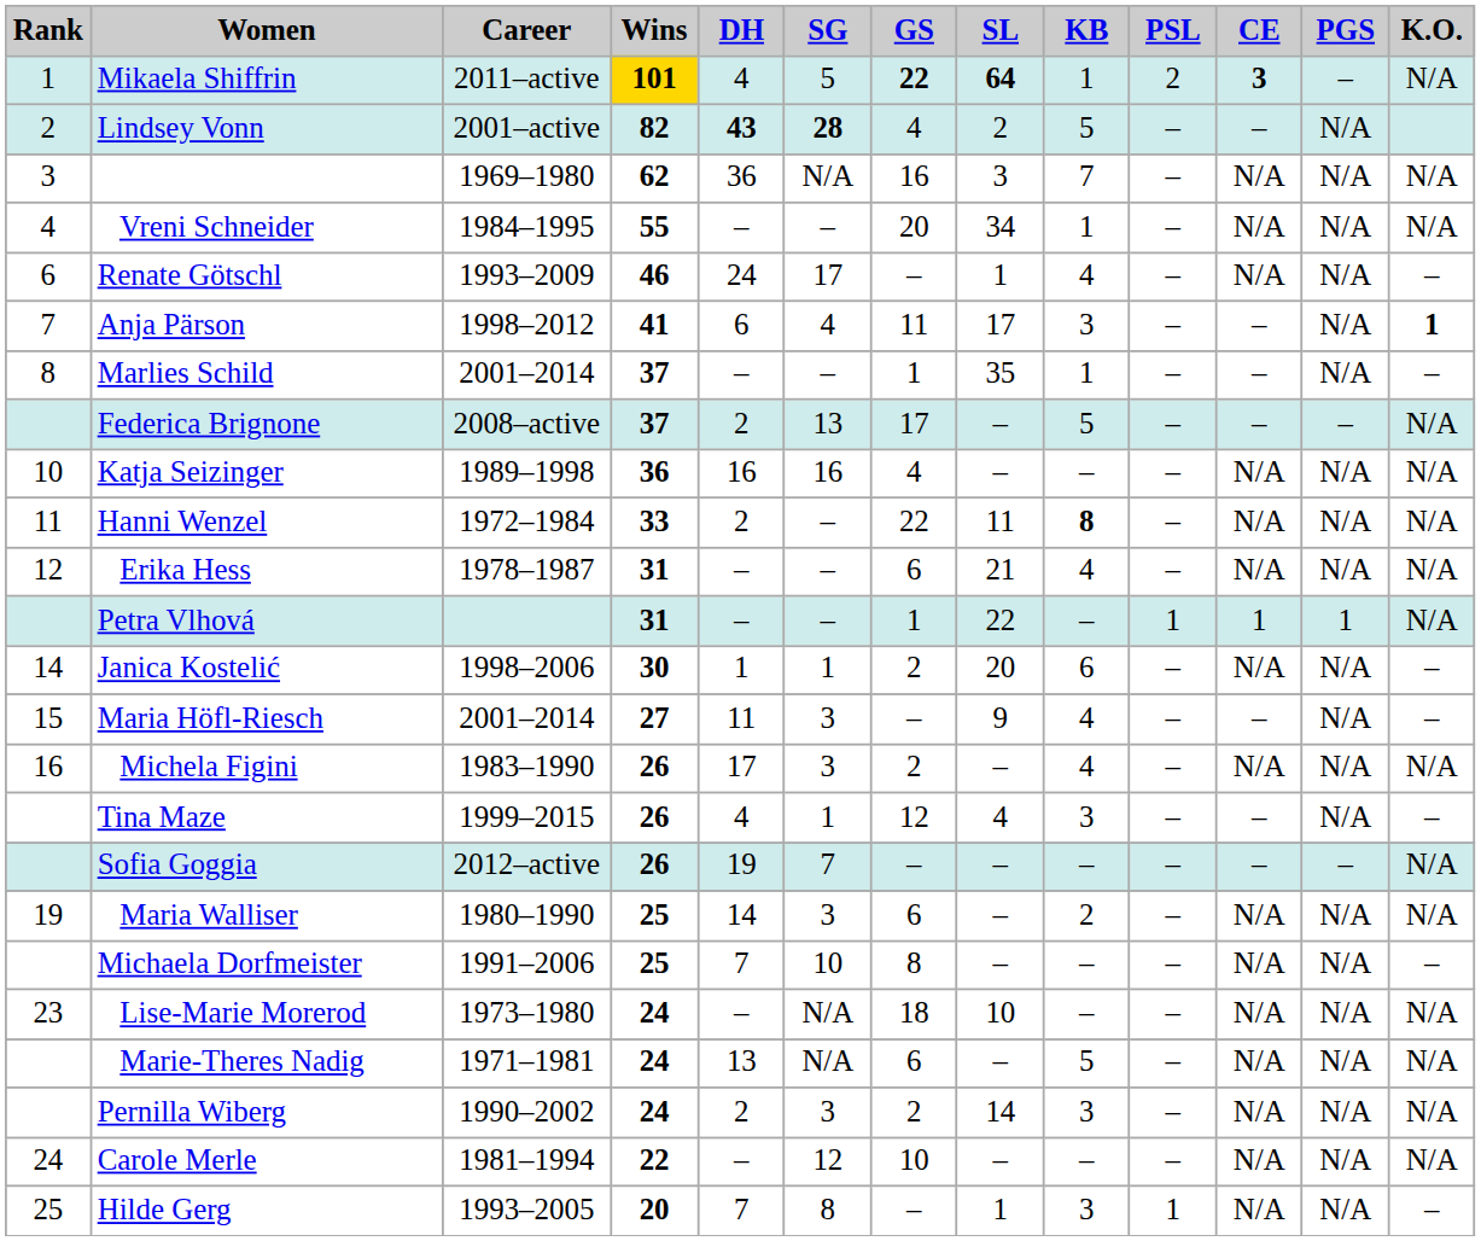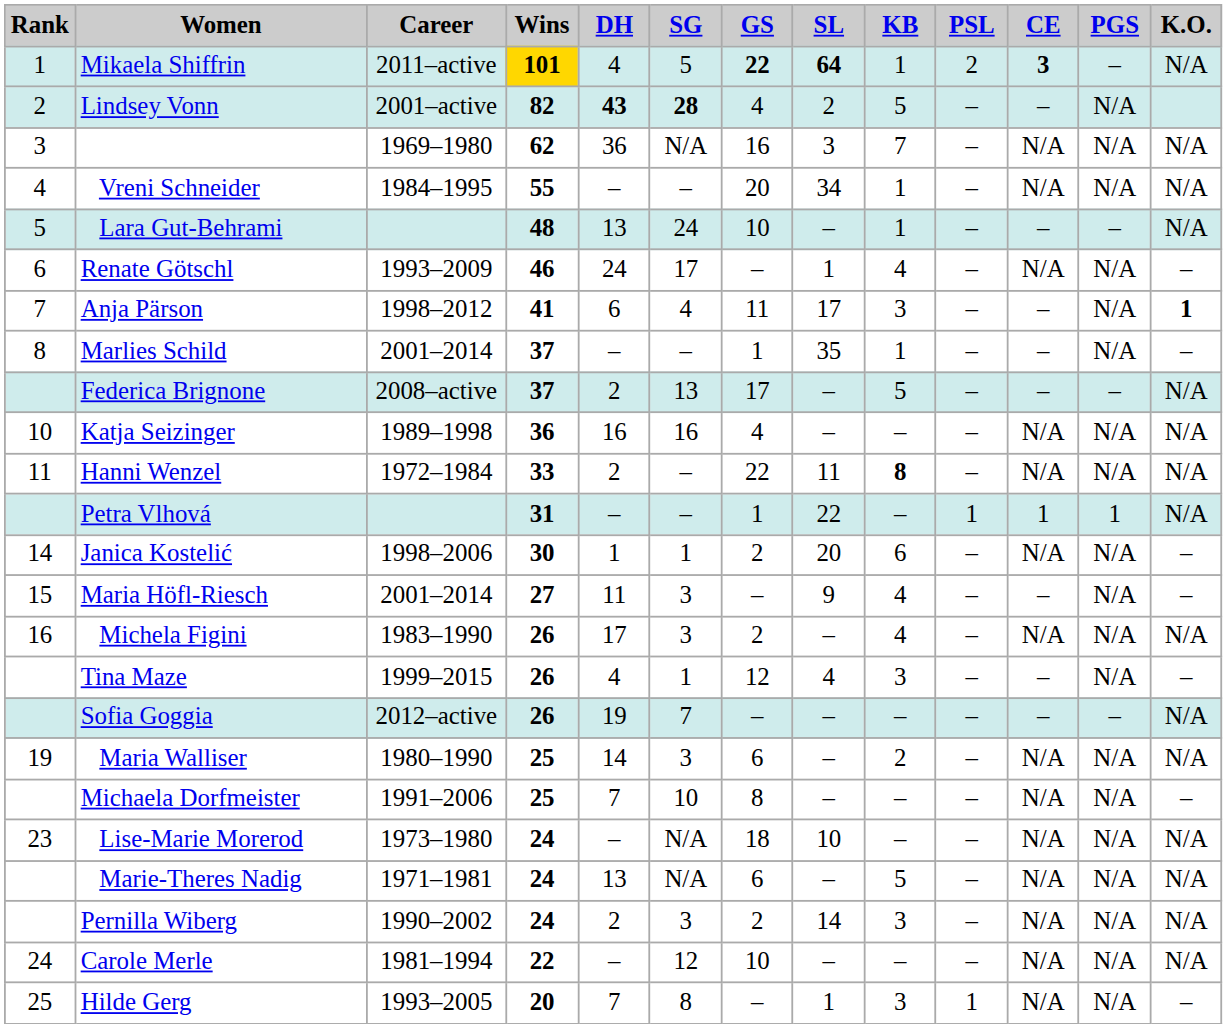 <table class="wikitable plainrowheaders" style="background:#fff; font-size:86%; line-height:16px; border:grey solid 1px; border-collapse:collapse">
 <tr style="background:#ccc; text-align:center;">
 <th style="background-color: #ccc;" width="30">Rank</th>
 <th style="background-color: #ccc;" align=left width="155">Women</th>
 <th style="background-color: #ccc;" width="70">Career</th>
 <th style="background:#ccc; width:6%">Wins</th>
 <th style="background-color: #ccc;" width="33"><a href='#'>DH</a></th>
 <th style="background-color: #ccc;" width="33"><a href='#'>SG</a></th>
 <th style="background-color: #ccc;" width="33"><a href='#'>GS</a></th>
 <th style="background-color: #ccc;" width="33"><a href='#'>SL</a></th>
 <th style="background-color: #ccc;" width="33"><a href='#'>KB</a></th>
 <th style="background-color: #ccc;" width="33"><a href='#'>PSL</a></th>
 <th style="background-color: #ccc;" width="33"><a href='#'>CE</a></th>
 <th style="background-color: #ccc;" width="33"><a href='#'>PGS</a></th>
 <th style="background-color: #ccc;" width="33">K.O.</th>
 </tr>
 <tr align=center style="background:#CFECEC">
 <td>1</td>
 <td align=left> <a href='#'>Mikaela Shiffrin</a></td>
 <td>2011–active</td>
 <td style="background:gold;"><strong>101</strong></td>
 <td>4</td>
 <td>5</td>
 <td><strong>22</strong></td>
 <td><strong>64</strong></td>
 <td>1</td>
 <td>2</td>
 <td><strong>3</strong></td>
 <td>–</td>
 <td>N/A</td>
 </tr>
 <tr align=center style="background:#CFECEC">
 <td>2</td>
 <td align=left> <a href='#'>Lindsey Vonn</a></td>
 <td>2001–active</td>
 <td><strong>82</strong></td>
 <td><strong>43</strong></td>
 <td><strong>28</strong></td>
 <td>4</td>
 <td>2</td>
 <td>5</td>
 <td>–</td>
 <td>–</td>
 <td>N/A</td>
 <td></td>
 </tr>
 <tr align=center>
 <td>3</td>
 <td align=left></td>
 <td>1969–1980</td>
 <td><strong>62</strong></td>
 <td>36</td>
 <td>N/A</td>
 <td>16</td>
 <td>3</td>
 <td>7</td>
 <td>–</td>
 <td>N/A</td>
 <td>N/A</td>
 <td>N/A</td>
 </tr>
 <tr align=center>
 <td>4</td>
 <td align=left>   <a href='#'>Vreni Schneider</a></td>
 <td>1984–1995</td>
 <td><strong>55</strong></td>
 <td>–</td>
 <td>–</td>
 <td>20</td>
 <td>34</td>
 <td>1</td>
 <td>–</td>
 <td>N/A</td>
 <td>N/A</td>
+<td>N/A</td>
+</tr>
+<tr align=center style="background:#CFECEC">
+<td>5</td>
+<td align=left>   <a href='#'>Lara Gut-Behrami</a></td>
+<td></td>
+<td><strong>48</strong></td>
+<td>13</td>
+<td>24</td>
+<td>10</td>
+<td>–</td>
+<td>1</td>
+<td>–</td>
+<td>–</td>
+<td>–</td>
 <td>N/A</td>
 </tr>
 <tr align=center>
 <td>6</td>
 <td align=left> <a href='#'>Renate Götschl</a></td>
 <td>1993–2009</td>
 <td><strong>46</strong></td>
 <td>24</td>
 <td>17</td>
 <td>–</td>
 <td>1</td>
 <td>4</td>
 <td>–</td>
 <td>N/A</td>
 <td>N/A</td>
 <td>–</td>
 </tr>
 <tr align=center>
 <td>7</td>
 <td align=left> <a href='#'>Anja Pärson</a></td>
 <td>1998–2012</td>
 <td><strong>41</strong></td>
 <td>6</td>
 <td>4</td>
 <td>11</td>
 <td>17</td>
 <td>3</td>
 <td>–</td>
 <td>–</td>
 <td>N/A</td>
 <td><strong>1</strong></td>
 </tr>
 <tr align=center>
 <td>8</td>
 <td align=left> <a href='#'>Marlies Schild</a></td>
 <td>2001–2014</td>
 <td><strong>37</strong></td>
 <td>–</td>
 <td>–</td>
 <td>1</td>
 <td>35</td>
 <td>1</td>
 <td>–</td>
 <td>–</td>
 <td>N/A</td>
 <td>–</td>
 </tr>
 <tr align=center style="background:#CFECEC">
 <td></td>
 <td align=left> <a href='#'>Federica Brignone</a></td>
 <td>2008–active</td>
 <td><strong>37</strong></td>
 <td>2</td>
 <td>13</td>
 <td>17</td>
 <td>–</td>
 <td>5</td>
 <td>–</td>
 <td>–</td>
 <td>–</td>
 <td>N/A</td>
 </tr>
 <tr align=center>
 <td>10</td>
 <td align=left> <a href='#'>Katja Seizinger</a></td>
 <td>1989–1998</td>
 <td><strong>36</strong></td>
 <td>16</td>
 <td>16</td>
 <td>4</td>
 <td>–</td>
 <td>–</td>
 <td>–</td>
 <td>N/A</td>
 <td>N/A</td>
 <td>N/A</td>
 </tr>
 <tr align=center>
 <td>11</td>
 <td align=left> <a href='#'>Hanni Wenzel</a></td>
 <td>1972–1984</td>
 <td><strong>33</strong></td>
 <td>2</td>
 <td>–</td>
 <td>22</td>
 <td>11</td>
 <td><strong>8</strong></td>
-<td>–</td>
-<td>N/A</td>
-<td>N/A</td>
-<td>N/A</td>
-</tr>
-<tr align=center>
-<td>12</td>
-<td align=left>   <a href='#'>Erika Hess</a></td>
-<td>1978–1987</td>
-<td><strong>31</strong></td>
-<td>–</td>
-<td>–</td>
-<td>6</td>
-<td>21</td>
-<td>4</td>
 <td>–</td>
 <td>N/A</td>
 <td>N/A</td>
 <td>N/A</td>
 </tr>
 <tr align=center style="background:#CFECEC">
 <td></td>
 <td align=left> <a href='#'>Petra Vlhová</a></td>
 <td></td>
 <td><strong>31</strong></td>
 <td>–</td>
 <td>–</td>
 <td>1</td>
 <td>22</td>
 <td>–</td>
 <td>1</td>
 <td>1</td>
 <td>1</td>
 <td>N/A</td>
 </tr>
 <tr align=center>
 <td>14</td>
 <td align=left> <a href='#'>Janica Kostelić</a></td>
 <td>1998–2006</td>
 <td><strong>30</strong></td>
 <td>1</td>
 <td>1</td>
 <td>2</td>
 <td>20</td>
 <td>6</td>
 <td>–</td>
 <td>N/A</td>
 <td>N/A</td>
 <td>–</td>
 </tr>
 <tr align=center>
 <td>15</td>
 <td align=left> <a href='#'>Maria Höfl-Riesch</a></td>
 <td>2001–2014</td>
 <td><strong>27</strong></td>
 <td>11</td>
 <td>3</td>
 <td>–</td>
 <td>9</td>
 <td>4</td>
 <td>–</td>
 <td>–</td>
 <td>N/A</td>
 <td>–</td>
 </tr>
 <tr align=center>
 <td>16</td>
 <td align=left>   <a href='#'>Michela Figini</a></td>
 <td>1983–1990</td>
 <td><strong>26</strong></td>
 <td>17</td>
 <td>3</td>
 <td>2</td>
 <td>–</td>
 <td>4</td>
 <td>–</td>
 <td>N/A</td>
 <td>N/A</td>
 <td>N/A</td>
 </tr>
 <tr align=center>
 <td></td>
 <td align=left> <a href='#'>Tina Maze</a></td>
 <td>1999–2015</td>
 <td><strong>26</strong></td>
 <td>4</td>
 <td>1</td>
 <td>12</td>
 <td>4</td>
 <td>3</td>
 <td>–</td>
 <td>–</td>
 <td>N/A</td>
 <td>–</td>
 </tr>
 <tr align=center style="background:#CFECEC">
 <td></td>
 <td align=left> <a href='#'>Sofia Goggia</a></td>
 <td>2012–active</td>
 <td><strong>26</strong></td>
 <td>19</td>
 <td>7</td>
 <td>–</td>
 <td>–</td>
 <td>–</td>
 <td>–</td>
 <td>–</td>
 <td>–</td>
 <td>N/A</td>
 </tr>
 <tr align=center>
 <td>19</td>
 <td align=left>   <a href='#'>Maria Walliser</a></td>
 <td>1980–1990</td>
 <td><strong>25</strong></td>
 <td>14</td>
 <td>3</td>
 <td>6</td>
 <td>–</td>
 <td>2</td>
 <td>–</td>
 <td>N/A</td>
 <td>N/A</td>
 <td>N/A</td>
 </tr>
 <tr align=center>
 <td></td>
 <td align=left> <a href='#'>Michaela Dorfmeister</a></td>
 <td>1991–2006</td>
 <td><strong>25</strong></td>
 <td>7</td>
 <td>10</td>
 <td>8</td>
 <td>–</td>
 <td>–</td>
 <td>–</td>
 <td>N/A</td>
 <td>N/A</td>
 <td>–</td>
 </tr>
 <tr align=center>
 <td>23</td>
 <td align=left>   <a href='#'>Lise-Marie Morerod</a></td>
 <td>1973–1980</td>
 <td><strong>24</strong></td>
 <td>–</td>
 <td>N/A</td>
 <td>18</td>
 <td>10</td>
 <td>–</td>
 <td>–</td>
 <td>N/A</td>
 <td>N/A</td>
 <td>N/A</td>
 </tr>
 <tr align=center>
 <td></td>
 <td align=left>   <a href='#'>Marie-Theres Nadig</a></td>
 <td>1971–1981</td>
 <td><strong>24</strong></td>
 <td>13</td>
 <td>N/A</td>
 <td>6</td>
 <td>–</td>
 <td>5</td>
 <td>–</td>
 <td>N/A</td>
 <td>N/A</td>
 <td>N/A</td>
 </tr>
 <tr align=center>
 <td></td>
 <td align=left> <a href='#'>Pernilla Wiberg</a></td>
 <td>1990–2002</td>
 <td><strong>24</strong></td>
 <td>2</td>
 <td>3</td>
 <td>2</td>
 <td>14</td>
 <td>3</td>
 <td>–</td>
 <td>N/A</td>
 <td>N/A</td>
 <td>N/A</td>
 </tr>
 <tr align=center>
 <td>24</td>
 <td align=left> <a href='#'>Carole Merle</a></td>
 <td>1981–1994</td>
 <td><strong>22</strong></td>
 <td>–</td>
 <td>12</td>
 <td>10</td>
 <td>–</td>
 <td>–</td>
 <td>–</td>
 <td>N/A</td>
 <td>N/A</td>
 <td>N/A</td>
 </tr>
 <tr align=center>
 <td>25</td>
 <td align=left> <a href='#'>Hilde Gerg</a></td>
 <td>1993–2005</td>
 <td><strong>20</strong></td>
 <td>7</td>
 <td>8</td>
 <td>–</td>
 <td>1</td>
 <td>3</td>
 <td>1</td>
 <td>N/A</td>
 <td>N/A</td>
 <td>–</td>
 </tr>
 </table>
